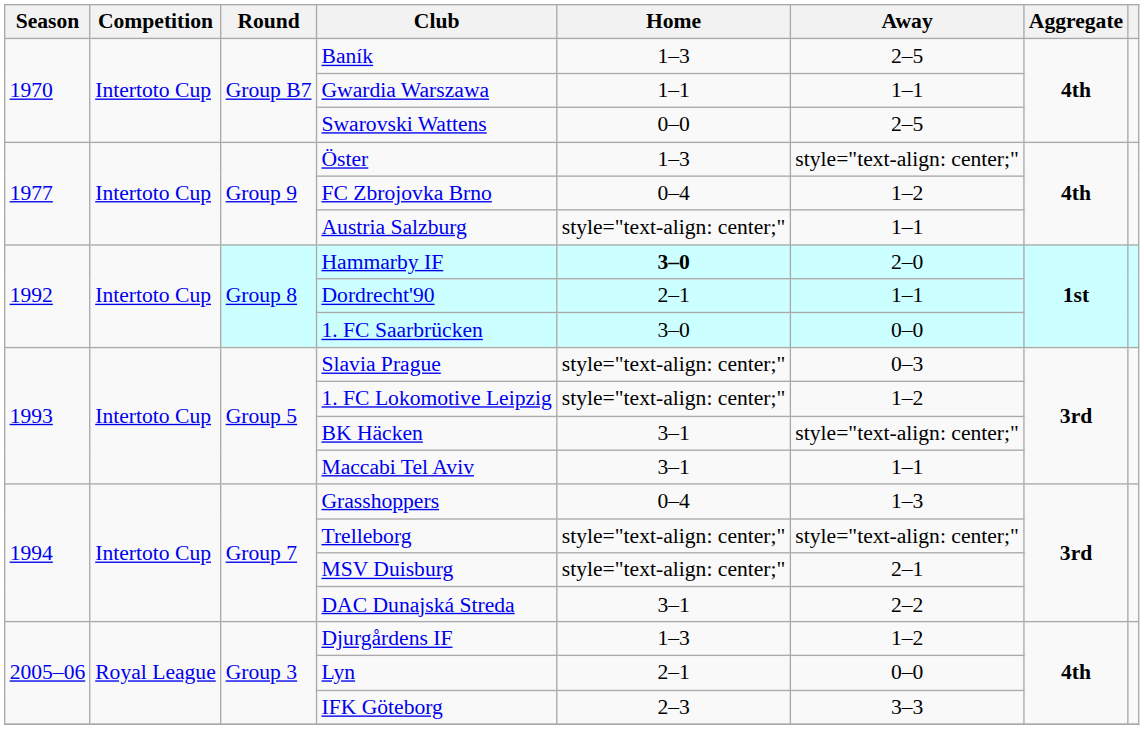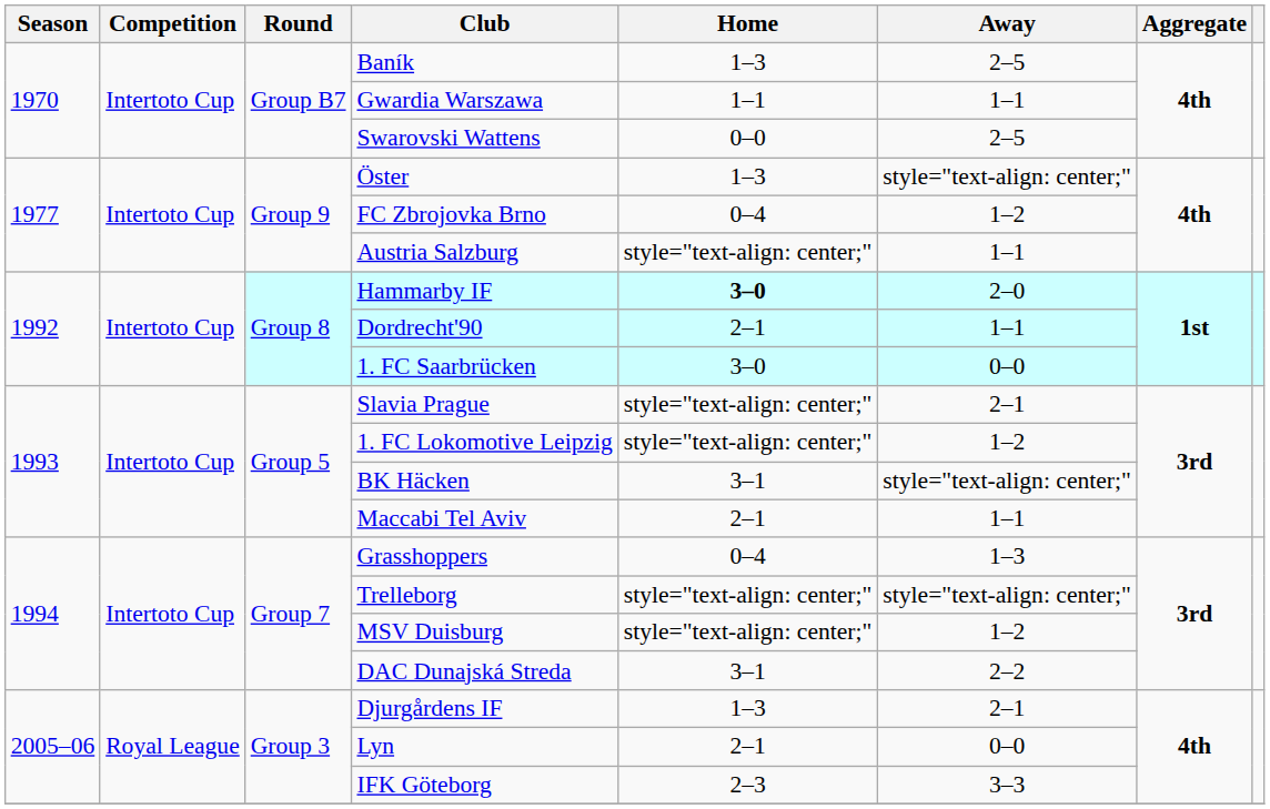 <table class="wikitable" style="text-align: left;">
 <tr>
 <th>Season</th>
 <th>Competition</th>
 <th>Round</th>
 <th>Club</th>
 <th>Home</th>
 <th>Away</th>
 <th>Aggregate</th>
 <th></th>
 </tr>
 <tr>
 <td rowspan="3"><a href='#'>1970</a></td>
 <td rowspan="3"><a href='#'>Intertoto Cup</a></td>
 <td rowspan="3"><a href='#'>Group B7</a></td>
 <td> <a href='#'>Baník</a></td>
 <td style="text-align: center;">1–3</td>
 <td style="text-align: center;">2–5</td>
 <td rowspan=3 style="text-align: center;"><strong>4th</strong></td>
 <td rowspan="3"></td>
 </tr>
 <tr>
 <td> <a href='#'>Gwardia Warszawa</a></td>
 <td style="text-align: center;">1–1</td>
 <td style="text-align: center;">1–1</td>
 </tr>
 <tr>
 <td> <a href='#'>Swarovski Wattens</a></td>
 <td style="text-align: center;">0–0</td>
 <td style="text-align: center;">2–5</td>
 </tr>
 <tr>
 <td rowspan="3"><a href='#'>1977</a></td>
 <td rowspan="3"><a href='#'>Intertoto Cup</a></td>
 <td rowspan="3"><a href='#'>Group 9</a></td>
 <td> <a href='#'>Öster</a></td>
 <td style="text-align: center;">1–3</td>
 <td>style="text-align: center;" </td>
 <td rowspan=3 style="text-align: center;"><strong>4th</strong></td>
 <td rowspan="3"></td>
 </tr>
 <tr>
 <td> <a href='#'>FC Zbrojovka Brno</a></td>
 <td style="text-align: center;">0–4</td>
 <td style="text-align: center;">1–2</td>
 </tr>
 <tr>
 <td> <a href='#'>Austria Salzburg</a></td>
 <td>style="text-align: center;" </td>
 <td style="text-align: center;">1–1</td>
 </tr>
 <tr>
 <td rowspan="3"><a href='#'>1992</a></td>
 <td rowspan="3"><a href='#'>Intertoto Cup</a></td>
 <td rowspan=3 style="background-color:#CFF"><a href='#'>Group 8</a></td>
 <td style="background-color:#CFF"> <a href='#'>Hammarby IF</a></td>
 <td style="background-color:#CFF" align="center"><strong>3–0</strong></td>
 <td style="background-color:#CFF" align="center">2–0</td>
 <td rowspan=3 style="background-color:#CFF" align="center"><strong>1st</strong></td>
 <td rowspan="3" style="background-color:#CFF" align="center"></td>
 </tr>
 <tr>
 <td style="background-color:#CFF"> <a href='#'>Dordrecht'90</a></td>
 <td style="background-color:#CFF" align="center">2–1</td>
 <td style="background-color:#CFF" align="center">1–1</td>
 </tr>
 <tr>
 <td style="background-color:#CFF"> <a href='#'>1. FC Saarbrücken</a></td>
 <td style="background-color:#CFF" align="center">3–0</td>
 <td style="background-color:#CFF" align="center">0–0</td>
 </tr>
 <tr>
 <td rowspan="4"><a href='#'>1993</a></td>
 <td rowspan="4"><a href='#'>Intertoto Cup</a></td>
 <td rowspan="4"><a href='#'>Group 5</a></td>
 <td> <a href='#'>Slavia Prague</a></td>
 <td>style="text-align: center;" </td>
-<td style="text-align: center;">0–3</td>
+<td style="text-align: center;">2–1</td>
 <td rowspan=4 style="text-align: center;"><strong>3rd</strong></td>
 <td rowspan="4"></td>
 </tr>
 <tr>
 <td> <a href='#'>1. FC Lokomotive Leipzig</a></td>
 <td>style="text-align: center;" </td>
 <td style="text-align: center;">1–2</td>
 </tr>
 <tr>
 <td> <a href='#'>BK Häcken</a></td>
 <td style="text-align: center;">3–1</td>
 <td>style="text-align: center;" </td>
 </tr>
 <tr>
 <td> <a href='#'>Maccabi Tel Aviv</a></td>
-<td style="text-align: center;">3–1</td>
+<td style="text-align: center;">2–1</td>
 <td style="text-align: center;">1–1</td>
 </tr>
 <tr>
 <td rowspan="4"><a href='#'>1994</a></td>
 <td rowspan="4"><a href='#'>Intertoto Cup</a></td>
 <td rowspan="4"><a href='#'>Group 7</a></td>
 <td> <a href='#'>Grasshoppers</a></td>
 <td style="text-align: center;">0–4</td>
 <td style="text-align: center;">1–3</td>
 <td rowspan=4 style="text-align: center;"><strong>3rd</strong></td>
 <td rowspan="4"></td>
 </tr>
 <tr>
 <td> <a href='#'>Trelleborg</a></td>
 <td>style="text-align: center;" </td>
 <td>style="text-align: center;" </td>
 </tr>
 <tr>
 <td> <a href='#'>MSV Duisburg</a></td>
 <td>style="text-align: center;" </td>
-<td style="text-align: center;">2–1</td>
+<td style="text-align: center;">1–2</td>
 </tr>
 <tr>
 <td> <a href='#'>DAC Dunajská Streda</a></td>
 <td style="text-align: center;">3–1</td>
 <td style="text-align: center;">2–2</td>
 </tr>
 <tr>
 <td rowspan="3"><a href='#'>2005–06</a></td>
 <td rowspan="3"><a href='#'>Royal League</a></td>
 <td rowspan="3"><a href='#'>Group 3</a></td>
 <td> <a href='#'>Djurgårdens IF</a></td>
 <td style="text-align: center;">1–3</td>
-<td style="text-align: center;">1–2</td>
+<td style="text-align: center;">2–1</td>
 <td rowspan=3 style="text-align: center;"><strong>4th</strong></td>
 <td rowspan="3"></td>
 </tr>
 <tr>
 <td> <a href='#'>Lyn</a></td>
 <td style="text-align: center;">2–1</td>
 <td style="text-align: center;">0–0</td>
 </tr>
 <tr>
 <td> <a href='#'>IFK Göteborg</a></td>
 <td style="text-align: center;">2–3</td>
 <td style="text-align: center;">3–3</td>
 </tr>
 <tr>
 </tr>
 </table>
